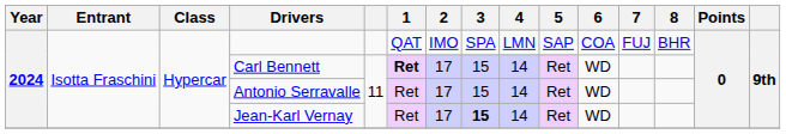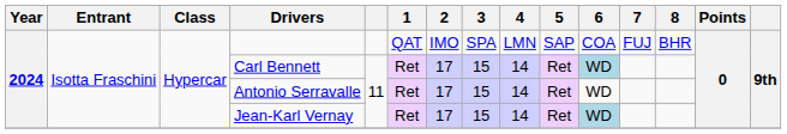 <table class="wikitable" style="text-align:center; font-size:90%">
 <tr>
 <th>Year</th>
 <th>Entrant</th>
 <th>Class</th>
 <th>Drivers</th>
 <th></th>
 <th>1</th>
 <th>2</th>
 <th>3</th>
 <th>4</th>
 <th>5</th>
 <th>6</th>
 <th>7</th>
 <th>8</th>
 <th>Points</th>
 <th></th>
 </tr>
 <tr>
 <th rowspan=4><a href='#'>2024</a></th>
 <td rowspan=4> <a href='#'>Isotta Fraschini</a></td>
 <td rowspan=4><a href='#'>Hypercar</a></td>
 <td></td>
 <td></td>
 <td><a href='#'>QAT</a></td>
 <td><a href='#'>IMO</a></td>
 <td><a href='#'>SPA</a></td>
 <td><a href='#'>LMN</a></td>
 <td><a href='#'>SAP</a></td>
 <td><a href='#'>COA</a></td>
 <td><a href='#'>FUJ</a></td>
 <td><a href='#'>BHR</a></td>
 <th rowspan=4>0</th>
 <th rowspan=4>9th</th>
 </tr>
 <tr>
 <td align="left"> <a href='#'>Carl Bennett</a></td>
 <td rowspan=3>11</td>
-<td style="background:#efcfff;"><strong>Ret</strong></td>
+<td style="background:#efcfff;">Ret</td>
 <td style="background:#cfcfff;">17</td>
 <td style="background:#cfcfff;">15</td>
 <td style="background:#cfcfff;">14</td>
 <td style="background:#efcfff;">Ret</td>
-<td>WD</td>
+<td style="background: lightblue;">WD</td>
 <td></td>
 <td></td>
 </tr>
 <tr>
 <td align="left"> <a href='#'>Antonio Serravalle</a></td>
 <td style="background:#efcfff;">Ret</td>
 <td style="background:#cfcfff;">17</td>
 <td style="background:#cfcfff;">15</td>
 <td style="background:#cfcfff;">14</td>
 <td style="background:#efcfff;">Ret</td>
 <td>WD</td>
 <td></td>
 <td></td>
 </tr>
 <tr>
 <td align="left"> <a href='#'>Jean-Karl Vernay</a></td>
 <td style="background:#efcfff;">Ret</td>
 <td style="background:#cfcfff;">17</td>
-<td style="background:#cfcfff;"><strong>15</strong></td>
+<td style="background:#cfcfff;">15</td>
 <td style="background:#cfcfff;">14</td>
 <td style="background:#efcfff;">Ret</td>
-<td>WD</td>
+<td style="background: lightblue;">WD</td>
 <td></td>
 <td></td>
 </tr>
 <tr>
 </tr>
 </table>
